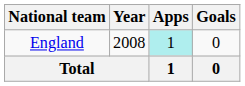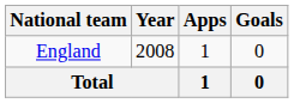 <table class=wikitable style="text-align: center;">
 <tr>
 <th>National team</th>
 <th>Year</th>
 <th>Apps</th>
 <th>Goals</th>
 </tr>
 <tr>
 <td><a href='#'>England</a></td>
 <td>2008</td>
-<td style="background: paleturquoise;">1</td>
+<td>1</td>
 <td>0</td>
 </tr>
 <tr>
 <th colspan=2>Total</th>
 <th>1</th>
 <th>0</th>
 </tr>
 </table>
